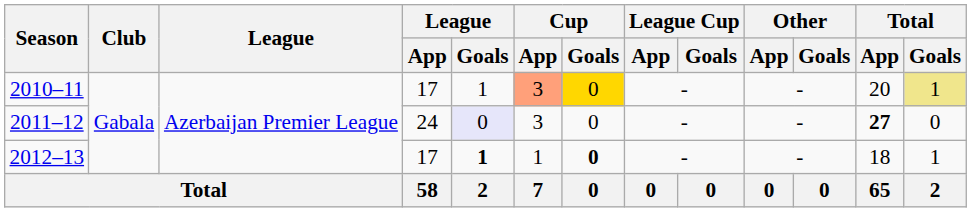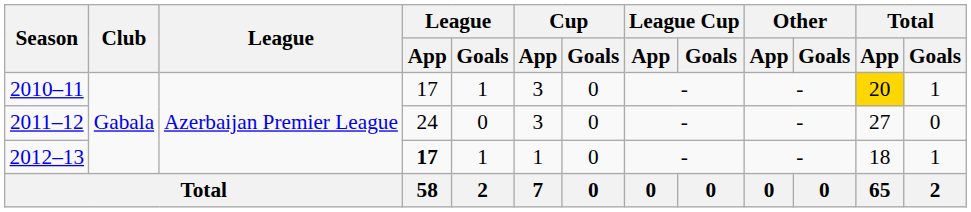 <table class="wikitable">
 <tr>
 <th rowspan=2>Season</th>
 <th ! rowspan=2>Club</th>
 <th ! rowspan=2>League</th>
 <th ! colspan=2>League</th>
 <th ! colspan=2>Cup</th>
 <th ! colspan=2>League Cup</th>
 <th ! colspan=2>Other</th>
 <th colspan=3>Total</th>
 </tr>
 <tr>
 <th>App</th>
 <th>Goals</th>
 <th>App</th>
 <th>Goals</th>
 <th>App</th>
 <th>Goals</th>
 <th>App</th>
 <th>Goals</th>
 <th>App</th>
 <th>Goals</th>
 </tr>
 <tr align=center>
 <td><a href='#'>2010–11</a></td>
 <td rowspan="3"><a href='#'>Gabala</a></td>
 <td rowspan="3"><a href='#'>Azerbaijan Premier League</a></td>
 <td>17</td>
 <td>1</td>
-<td style="background: lightsalmon;">3</td>
-<td style="background: gold;">0</td>
+<td>3</td>
+<td>0</td>
 <td colspan="2">-</td>
 <td colspan="2">-</td>
-<td>20</td>
-<td style="background: khaki;">1</td>
+<td style="background: gold;">20</td>
+<td>1</td>
 </tr>
 <tr align=center>
 <td><a href='#'>2011–12</a></td>
 <td>24</td>
-<td style="background: lavender;">0</td>
+<td>0</td>
 <td>3</td>
 <td>0</td>
 <td colspan="2">-</td>
 <td colspan="2">-</td>
-<td><strong>27</strong></td>
+<td>27</td>
 <td>0</td>
 </tr>
 <tr align=center>
 <td><a href='#'>2012–13</a></td>
-<td>17</td>
-<td><strong>1</strong></td>
+<td><strong>17</strong></td>
 <td>1</td>
-<td><strong>0</strong></td>
+<td>1</td>
+<td>0</td>
 <td colspan="2">-</td>
 <td colspan="2">-</td>
 <td>18</td>
 <td>1</td>
 </tr>
 <tr align=center>
 <th colspan="3">Total</th>
 <th>58</th>
 <th>2</th>
 <th>7</th>
 <th>0</th>
 <th>0</th>
 <th>0</th>
 <th>0</th>
 <th>0</th>
 <th>65</th>
 <th>2</th>
 </tr>
 </table>
